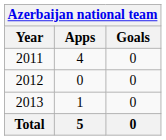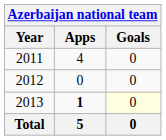 <table class="wikitable" style="text-align:center">
 <tr>
 <th colspan=3><a href='#'>Azerbaijan national team</a></th>
 </tr>
 <tr>
 <th>Year</th>
 <th>Apps</th>
 <th>Goals</th>
 </tr>
 <tr>
 <td>2011</td>
 <td>4</td>
 <td>0</td>
 </tr>
 <tr>
 <td>2012</td>
 <td>0</td>
 <td>0</td>
 </tr>
 <tr>
 <td>2013</td>
-<td>1</td>
-<td>0</td>
+<td><strong>1</strong></td>
+<td style="background: lightyellow;">0</td>
 </tr>
 <tr>
 <th>Total</th>
 <th>5</th>
 <th>0</th>
 </tr>
 </table>
